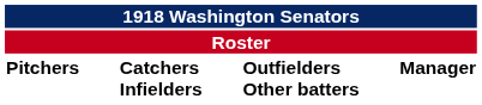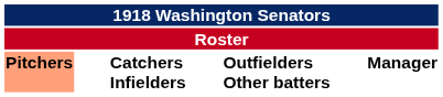 <table class="toccolours" style="font-size: 95%;">
 <tr>
 <th colspan="10" style="background-color: #072764; color: white; text-align: center;">1918 Washington Senators</th>
 </tr>
 <tr>
 <td colspan="10" style="background-color: #c6011f; color: white; text-align: center;"><strong>Roster</strong></td>
 </tr>
 <tr>
-<td valign="top"><strong>Pitchers</strong><br>             </td>
+<td valign="top" style="background: lightsalmon;"><strong>Pitchers</strong><br>             </td>
 <td width="25px"></td>
 <td valign="top"><strong>Catchers</strong><br>    <strong>Infielders</strong>     </td>
 <td width="25px"></td>
 <td valign="top"><strong>Outfielders</strong><br>     <strong>Other batters</strong>  </td>
 <td width="25px"></td>
 <td valign="top"><strong>Manager</strong><br></td>
 </tr>
 </table>
